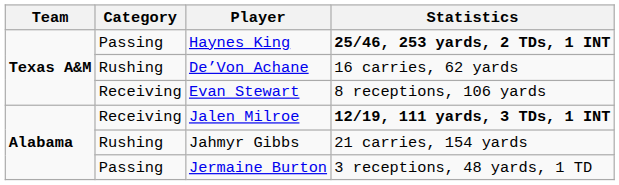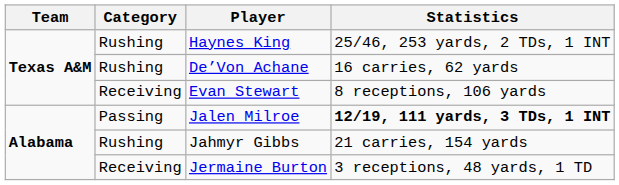 <table class="wikitable" style="float: right;">
 <tr>
 <th>Team</th>
 <th>Category</th>
 <th>Player</th>
 <th>Statistics</th>
 </tr>
 <tr>
 <td rowspan=3><strong>Texas A&M</strong></td>
-<td>Passing</td>
+<td>Rushing</td>
 <td><a href='#'>Haynes King</a></td>
-<td><strong>25/46, 253 yards, 2 TDs, 1 INT</strong></td>
+<td>25/46, 253 yards, 2 TDs, 1 INT</td>
 </tr>
 <tr>
 <td>Rushing</td>
 <td><a href='#'>De’Von Achane</a></td>
 <td>16 carries, 62 yards</td>
 </tr>
 <tr>
 <td>Receiving</td>
 <td><a href='#'>Evan Stewart</a></td>
 <td>8 receptions, 106 yards</td>
 </tr>
 <tr>
 <td rowspan=3><strong>Alabama</strong></td>
-<td>Receiving</td>
+<td>Passing</td>
 <td><a href='#'>Jalen Milroe</a></td>
 <td><strong>12/19, 111 yards, 3 TDs, 1 INT</strong></td>
 </tr>
 <tr>
 <td>Rushing</td>
 <td>Jahmyr Gibbs</td>
 <td>21 carries, 154 yards</td>
 </tr>
 <tr>
-<td>Passing</td>
+<td>Receiving</td>
 <td><a href='#'>Jermaine Burton</a></td>
 <td>3 receptions, 48 yards, 1 TD</td>
 </tr>
 </table>
